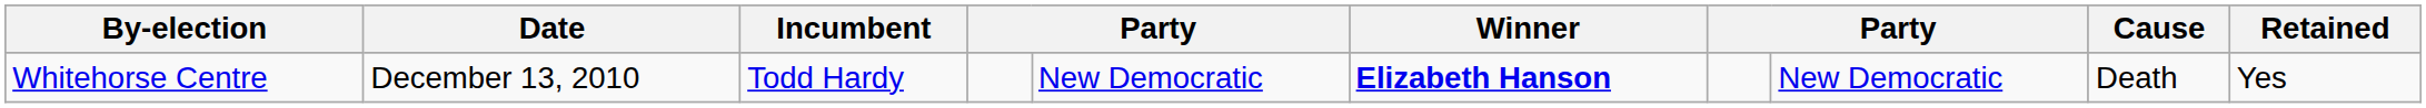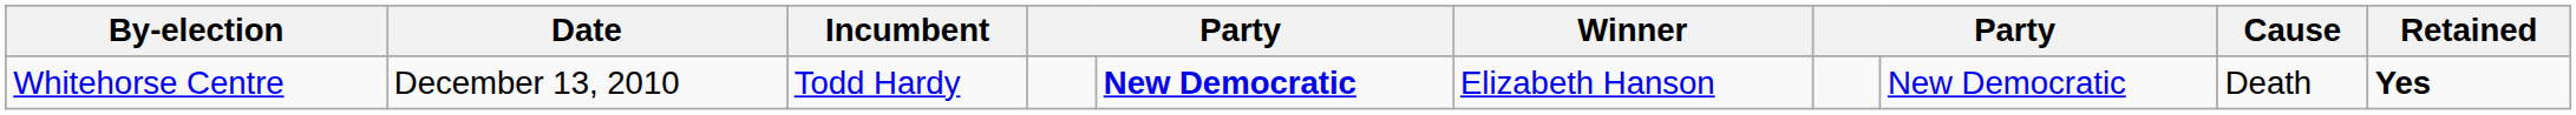 <table class=wikitable style="width:100%">
 <tr>
 <th>By-election</th>
 <th>Date</th>
 <th>Incumbent</th>
 <th colspan=2>Party</th>
 <th>Winner</th>
 <th colspan=2>Party</th>
 <th>Cause</th>
 <th>Retained</th>
 </tr>
 <tr>
 <td><a href='#'>Whitehorse Centre</a></td>
 <td>December 13, 2010</td>
 <td><a href='#'>Todd Hardy</a></td>
 <td>    </td>
-<td><a href='#'>New Democratic</a></td>
-<td><strong><a href='#'>Elizabeth Hanson</a></strong></td>
+<td><strong><a href='#'>New Democratic</a></strong></td>
+<td><a href='#'>Elizabeth Hanson</a></td>
 <td>    </td>
 <td><a href='#'>New Democratic</a></td>
 <td>Death</td>
-<td>Yes</td>
+<td><strong>Yes</strong></td>
 </tr>
 </table>
